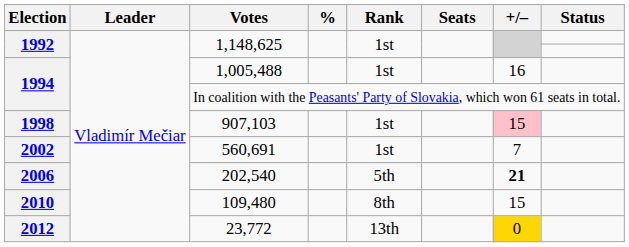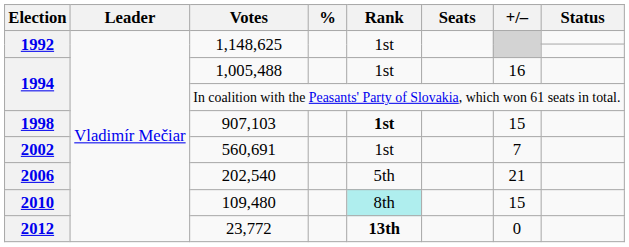 <table class="wikitable" style="text-align:center">
 <tr>
 <th>Election</th>
 <th>Leader</th>
 <th>Votes</th>
 <th>%</th>
 <th>Rank</th>
 <th>Seats</th>
 <th>+/–</th>
 <th>Status</th>
 </tr>
 <tr>
 <th rowspan="2"><a href='#'>1992</a></th>
 <td rowspan="9"><a href='#'>Vladimír Mečiar</a></td>
 <td rowspan="2">1,148,625</td>
 <td rowspan="2"></td>
 <td rowspan="2">1st</td>
 <td rowspan="2"></td>
 <td rowspan="2" bgcolor="lightgrey"></td>
 <td></td>
 </tr>
 <tr>
 <td></td>
 </tr>
 <tr>
 <th rowspan="2"><a href='#'>1994</a></th>
 <td>1,005,488</td>
 <td></td>
 <td>1st</td>
 <td></td>
 <td> 16</td>
 <td></td>
 </tr>
 <tr>
 <td colspan="6" align="left"><small>In coalition with the <a href='#'>Peasants' Party of Slovakia</a>, which won 61 seats in total.</small></td>
 </tr>
 <tr>
 <th><a href='#'>1998</a></th>
 <td>907,103</td>
 <td></td>
-<td>1st</td>
+<td><strong>1st</strong></td>
 <td></td>
-<td style="background: pink;"> 15</td>
+<td> 15</td>
 <td></td>
 </tr>
 <tr>
 <th><a href='#'>2002</a></th>
 <td>560,691</td>
 <td></td>
 <td>1st</td>
 <td></td>
 <td> 7</td>
 <td></td>
 </tr>
 <tr>
 <th><a href='#'>2006</a></th>
 <td>202,540</td>
 <td></td>
 <td>5th</td>
 <td></td>
-<td><strong> 21</strong></td>
+<td> 21</td>
 <td></td>
 </tr>
 <tr>
 <th><a href='#'>2010</a></th>
 <td>109,480</td>
 <td></td>
-<td>8th</td>
+<td style="background: paleturquoise;">8th</td>
 <td></td>
 <td> 15</td>
 <td></td>
 </tr>
 <tr>
 <th><a href='#'>2012</a></th>
 <td>23,772</td>
 <td></td>
-<td>13th</td>
+<td><strong>13th</strong></td>
 <td></td>
-<td style="background: gold;"> 0</td>
+<td> 0</td>
 <td></td>
 </tr>
 </table>
